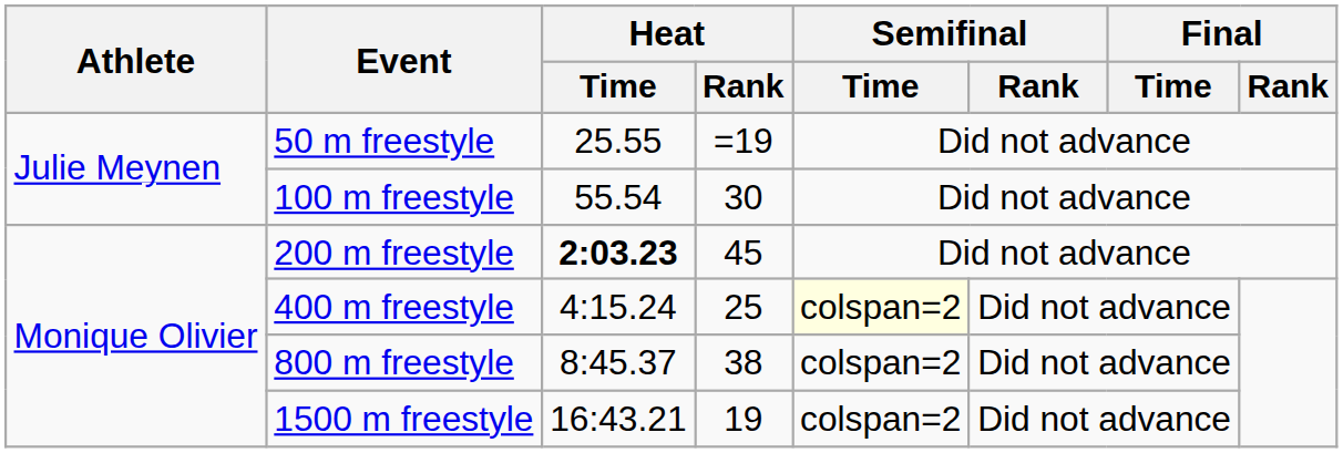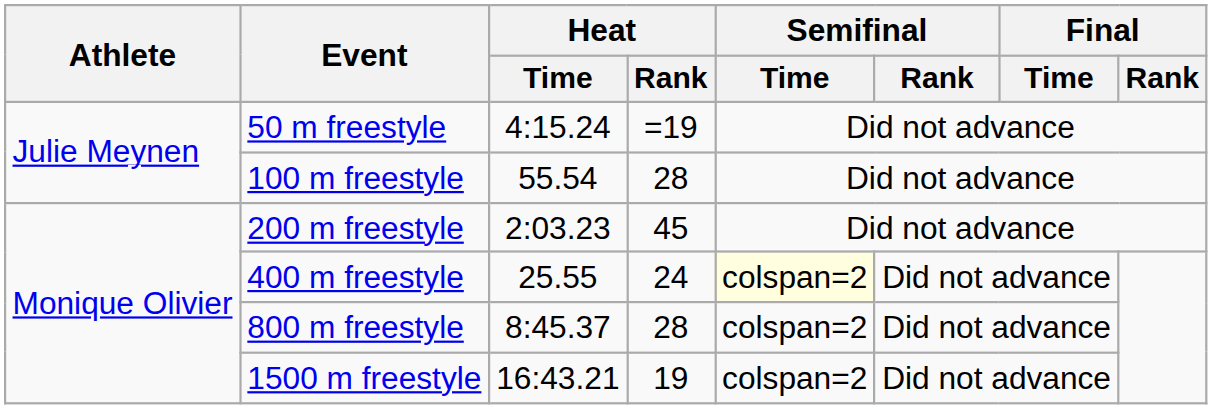 <table class=wikitable style="font-size:90%">
 <tr>
 <th rowspan=2>Athlete</th>
 <th rowspan=2>Event</th>
 <th colspan="2">Heat</th>
 <th colspan="2">Semifinal</th>
 <th colspan="2">Final</th>
 </tr>
 <tr style="font-size:95%">
 <th>Time</th>
 <th>Rank</th>
 <th>Time</th>
 <th>Rank</th>
 <th>Time</th>
 <th>Rank</th>
 </tr>
 <tr align=center>
 <td align=left rowspan=2><a href='#'>Julie Meynen</a></td>
 <td align=left><a href='#'>50 m freestyle</a></td>
-<td>25.55</td>
+<td>4:15.24</td>
 <td>=19</td>
 <td colspan=4>Did not advance</td>
 </tr>
 <tr align=center>
 <td align=left><a href='#'>100 m freestyle</a></td>
 <td>55.54</td>
-<td>30</td>
+<td>28</td>
 <td colspan=4>Did not advance</td>
 </tr>
 <tr align=center>
 <td align=left rowspan=4><a href='#'>Monique Olivier</a></td>
 <td align=left><a href='#'>200 m freestyle</a></td>
-<td><strong>2:03.23</strong></td>
+<td>2:03.23</td>
 <td>45</td>
 <td colspan=4>Did not advance</td>
 </tr>
 <tr align=center>
 <td align=left><a href='#'>400 m freestyle</a></td>
-<td>4:15.24</td>
-<td>25</td>
+<td>25.55</td>
+<td>24</td>
 <td style="background: lightyellow;">colspan=2 </td>
 <td colspan=2>Did not advance</td>
 </tr>
 <tr align=center>
 <td align=left><a href='#'>800 m freestyle</a></td>
 <td>8:45.37</td>
-<td>38</td>
+<td>28</td>
 <td>colspan=2 </td>
 <td colspan=2>Did not advance</td>
 </tr>
 <tr align=center>
 <td align=left><a href='#'>1500 m freestyle</a></td>
 <td>16:43.21</td>
 <td>19</td>
 <td>colspan=2 </td>
 <td colspan=2>Did not advance</td>
 </tr>
 </table>
